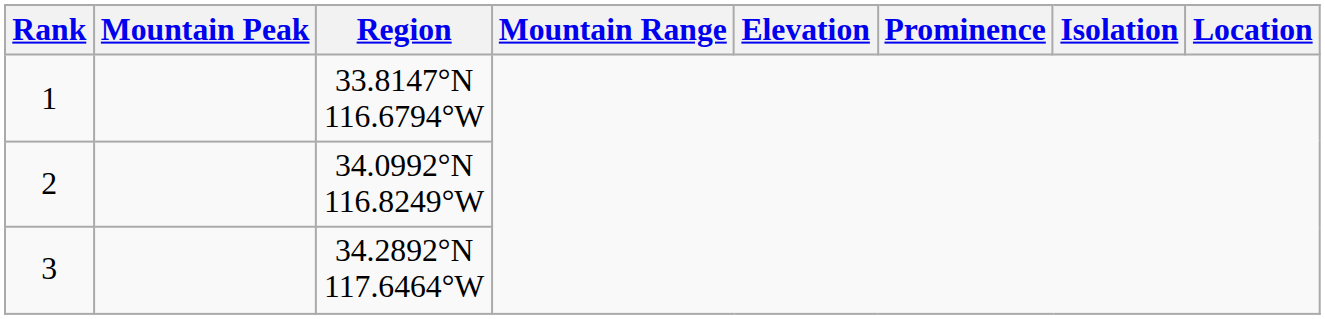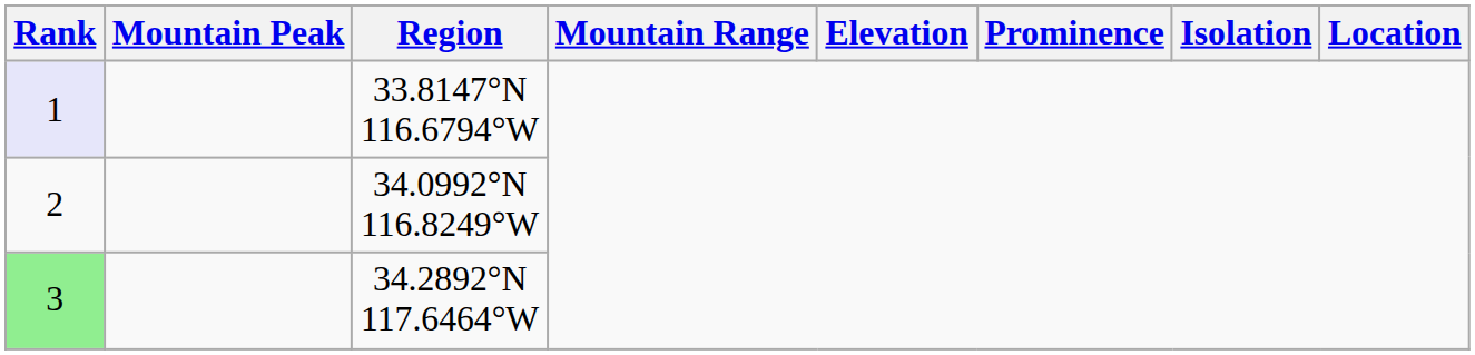 <table class="wikitable sortable">
 <tr>
 <th><a href='#'>Rank</a></th>
 <th><a href='#'>Mountain Peak</a></th>
 <th><a href='#'>Region</a></th>
 <th><a href='#'>Mountain Range</a></th>
 <th><a href='#'>Elevation</a></th>
 <th><a href='#'>Prominence</a></th>
 <th><a href='#'>Isolation</a></th>
 <th><a href='#'>Location</a></th>
 </tr>
 <tr>
-<td align=center>1<br></td>
+<td align=center style="background: lavender;">1<br></td>
 <td><br> </td>
 <td align=center>33.8147°N<br>116.6794°W</td>
 </tr>
 <tr>
 <td align=center>2<br></td>
 <td><br> </td>
 <td align=center>34.0992°N<br>116.8249°W</td>
 </tr>
 <tr>
-<td align=center>3<br></td>
+<td align=center style="background: lightgreen;">3<br></td>
 <td><br> </td>
 <td align=center>34.2892°N<br>117.6464°W</td>
 </tr>
 </table>
